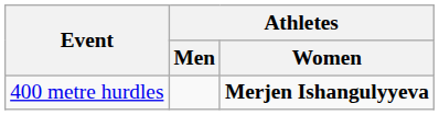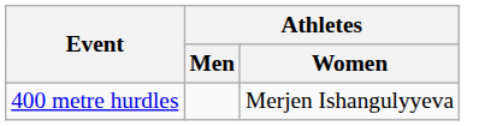 <table class=wikitable style="font-size:90%">
 <tr>
 <th rowspan=2>Event</th>
 <th colspan=2>Athletes</th>
 </tr>
 <tr>
 <th>Men</th>
 <th>Women</th>
 </tr>
 <tr>
 <td><a href='#'>400 metre hurdles</a></td>
 <td></td>
-<td><strong>Merjen Ishangulyyeva</strong></td>
+<td>Merjen Ishangulyyeva</td>
 </tr>
 </table>
